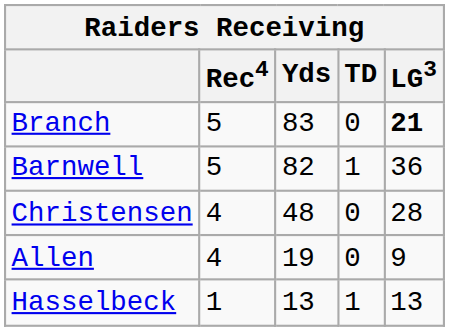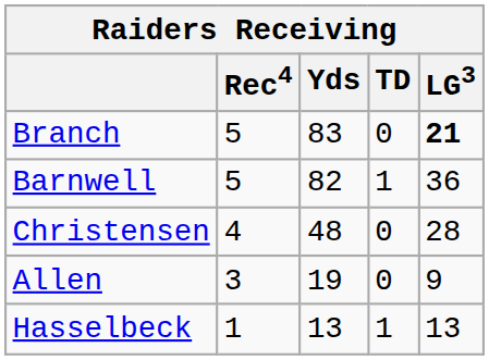 <table class="wikitable">
 <tr>
 <th colspan="5">Raiders Receiving</th>
 </tr>
 <tr>
 <th></th>
 <th>Rec<sup>4</sup></th>
 <th>Yds</th>
 <th>TD</th>
 <th>LG<sup>3</sup></th>
 </tr>
 <tr>
 <td><a href='#'>Branch</a></td>
 <td>5</td>
 <td>83</td>
 <td>0</td>
 <td><strong>21</strong></td>
 </tr>
 <tr>
 <td><a href='#'>Barnwell</a></td>
 <td>5</td>
 <td>82</td>
 <td>1</td>
 <td>36</td>
 </tr>
 <tr>
 <td><a href='#'>Christensen</a></td>
 <td>4</td>
 <td>48</td>
 <td>0</td>
 <td>28</td>
 </tr>
 <tr>
 <td><a href='#'>Allen</a></td>
-<td>4</td>
+<td>3</td>
 <td>19</td>
 <td>0</td>
 <td>9</td>
 </tr>
 <tr>
 <td><a href='#'>Hasselbeck</a></td>
 <td>1</td>
 <td>13</td>
 <td>1</td>
 <td>13</td>
 </tr>
 </table>
